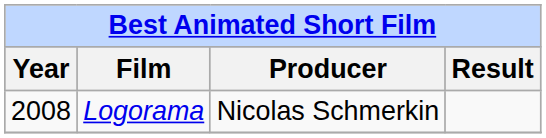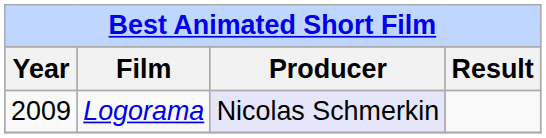 <table class="wikitable">
 <tr ---- bgcolor="#bfd7ff">
 <td colspan=6 align=center><strong><a href='#'>Best Animated Short Film</a></strong></td>
 </tr>
 <tr bgcolor="#CCCCCC">
 <th>Year</th>
 <th>Film</th>
 <th>Producer</th>
 <th>Result</th>
 </tr>
 <tr>
-<td>2008</td>
+<td>2009</td>
 <td><em><a href='#'>Logorama</a></em></td>
-<td>Nicolas Schmerkin</td>
+<td style="background: lavender;">Nicolas Schmerkin</td>
 <td></td>
 </tr>
 <tr>
 </tr>
 </table>
